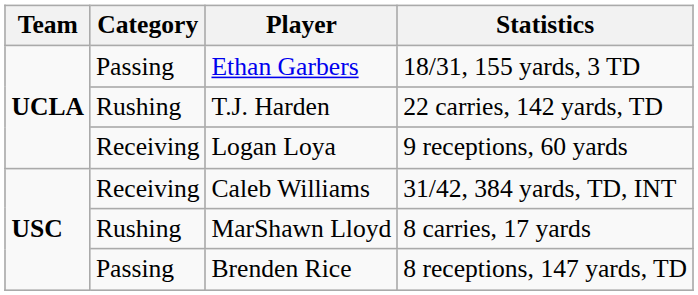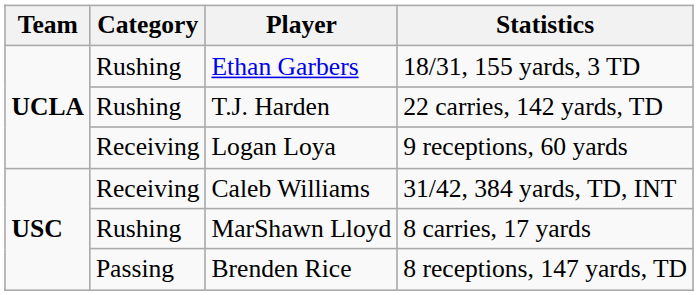 <table class="wikitable" style="float: right;">
 <tr>
 <th>Team</th>
 <th>Category</th>
 <th>Player</th>
 <th>Statistics</th>
 </tr>
 <tr>
 <td rowspan=3><strong>UCLA</strong></td>
-<td>Passing</td>
+<td>Rushing</td>
 <td><a href='#'>Ethan Garbers</a></td>
 <td>18/31, 155 yards, 3 TD</td>
 </tr>
 <tr>
 <td>Rushing</td>
 <td>T.J. Harden</td>
 <td>22 carries, 142 yards, TD</td>
 </tr>
 <tr>
 <td>Receiving</td>
 <td>Logan Loya</td>
 <td>9 receptions, 60 yards</td>
 </tr>
 <tr>
 <td rowspan=3><strong>USC</strong></td>
 <td>Receiving</td>
 <td>Caleb Williams</td>
 <td>31/42, 384 yards, TD, INT</td>
 </tr>
 <tr>
 <td>Rushing</td>
 <td>MarShawn Lloyd</td>
 <td>8 carries, 17 yards</td>
 </tr>
 <tr>
 <td>Passing</td>
 <td>Brenden Rice</td>
 <td>8 receptions, 147 yards, TD</td>
 </tr>
 </table>
